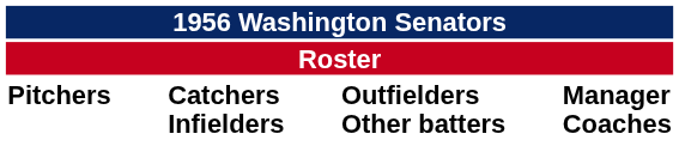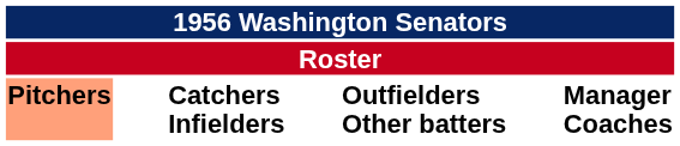 <table class="toccolours" style="font-size: 95%;">
 <tr>
 <th colspan="10" style="background-color: #072764; color: white; text-align: center;">1956 Washington Senators</th>
 </tr>
 <tr>
 <td colspan="10" style="background-color: #c6011f; color: white; text-align: center;"><strong>Roster</strong></td>
 </tr>
 <tr>
-<td valign="top"><strong>Pitchers</strong><br>             </td>
+<td valign="top" style="background: lightsalmon;"><strong>Pitchers</strong><br>             </td>
 <td width="25px"></td>
 <td valign="top"><strong>Catchers</strong><br>   <strong>Infielders</strong>        </td>
 <td width="25px"></td>
 <td valign="top"><strong>Outfielders</strong><br>       <strong>Other batters</strong> </td>
 <td width="25px"></td>
 <td valign="top"><strong>Manager</strong><br> <strong>Coaches</strong>    </td>
 </tr>
 <tr>
 </tr>
 </table>
